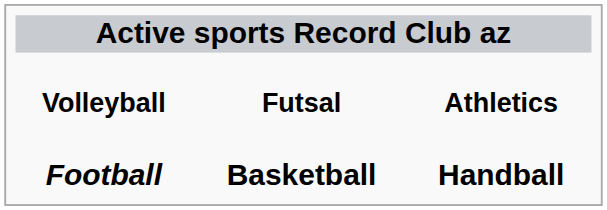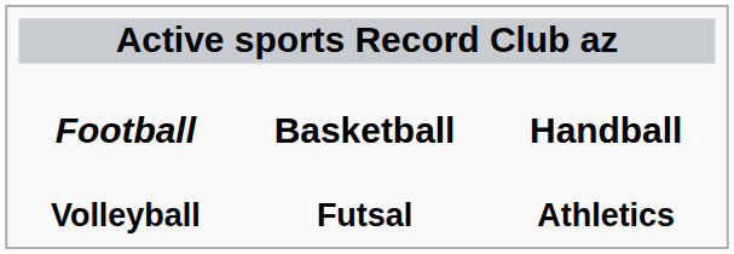 <table class="infobox" style="width: 20em; font-size: 95%em;align: center">
 <tr bgcolor="#c8ccd1" style="text-align: center">
 <th colspan="3">Active sports Record Club az</th>
+</tr>
+<tr style="text-align: center">
+<td><br><strong><em>Football</em></strong></td>
+<td><br><strong>Basketball</strong></td>
+<td><br><strong>Handball</strong></td>
 </tr>
 <tr style="font-size: 90%; text-align: center">
 <td><br><strong>Volleyball</strong></td>
 <td><br><strong>Futsal</strong></td>
 <td><br><strong>Athletics</strong></td>
 </tr>
-<tr style="text-align: center">
-<td><br><strong><em>Football</em></strong></td>
-<td><br><strong>Basketball</strong></td>
-<td><br><strong>Handball</strong></td>
-</tr>
 </table>
